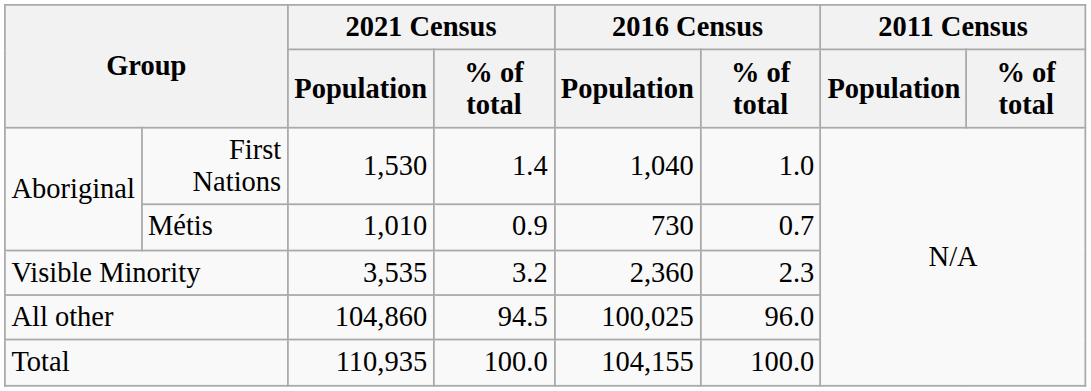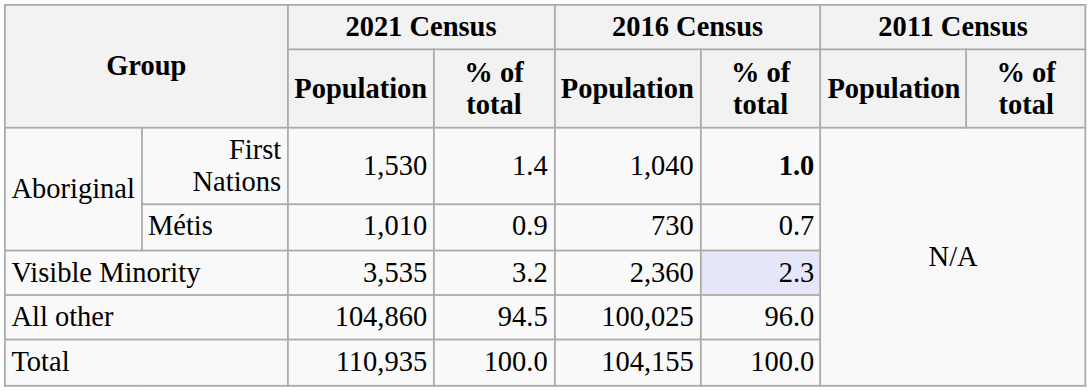 <table class="wikitable" style="text-align:right">
 <tr>
 <th rowspan = "2" colspan = "2">Group</th>
 <th colspan = "2">2021 Census</th>
 <th colspan = "2">2016 Census</th>
 <th colspan = "2">2011 Census</th>
 </tr>
 <tr>
 <th>Population</th>
 <th>% of total</th>
 <th>Population</th>
 <th>% of total</th>
 <th>Population</th>
 <th>% of total</th>
 </tr>
 <tr>
 <td rowspan="2" style="text-align:left;">Aboriginal</td>
 <td>First Nations</td>
 <td>1,530</td>
 <td>1.4</td>
 <td>1,040</td>
-<td>1.0</td>
+<td><strong>1.0</strong></td>
 <td style="text-align:center" colspan = "2" rowspan = "5">N/A</td>
 </tr>
 <tr>
 <td style="text-align:left;">Métis</td>
 <td>1,010</td>
 <td>0.9</td>
 <td>730</td>
 <td>0.7</td>
 </tr>
 <tr>
 <td colspan = "2" style="text-align:left;">Visible Minority</td>
 <td>3,535</td>
 <td>3.2</td>
 <td>2,360</td>
-<td>2.3</td>
+<td style="background: lavender;">2.3</td>
 </tr>
 <tr>
 <td colspan = "2" style="text-align:left;">All other</td>
 <td>104,860</td>
 <td>94.5</td>
 <td>100,025</td>
 <td>96.0</td>
 </tr>
 <tr>
 <td colspan = "2" style="text-align:left;">Total</td>
 <td>110,935</td>
 <td>100.0</td>
 <td>104,155</td>
 <td>100.0</td>
 </tr>
 </table>
